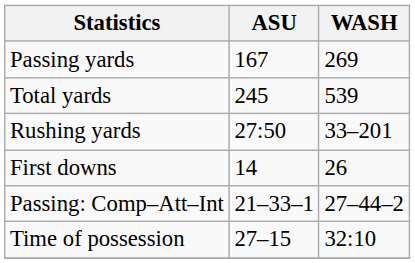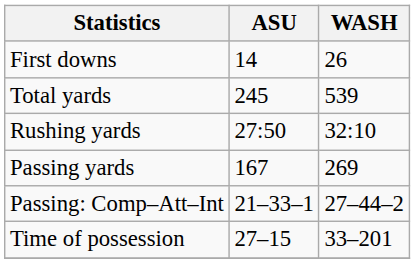 <table class="wikitable" style="float: left;">
 <tr>
 <th>Statistics</th>
 <th>ASU</th>
 <th>WASH</th>
 </tr>
 <tr>
-<td>Passing yards</td>
-<td>167</td>
-<td>269</td>
+<td>First downs</td>
+<td>14</td>
+<td>26</td>
 </tr>
 <tr>
 <td>Total yards</td>
 <td>245</td>
 <td>539</td>
 </tr>
 <tr>
 <td>Rushing yards</td>
 <td>27:50</td>
-<td>33–201</td>
+<td>32:10</td>
 </tr>
 <tr>
-<td>First downs</td>
-<td>14</td>
-<td>26</td>
+<td>Passing yards</td>
+<td>167</td>
+<td>269</td>
 </tr>
 <tr>
 <td>Passing: Comp–Att–Int</td>
 <td>21–33–1</td>
 <td>27–44–2</td>
 </tr>
 <tr>
 <td>Time of possession</td>
 <td>27–15</td>
-<td>32:10</td>
+<td>33–201</td>
 </tr>
 <tr>
 </tr>
 </table>
